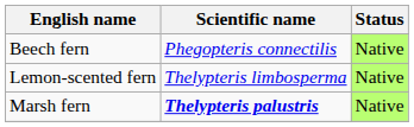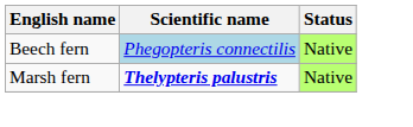 <table class="wikitable" |>
 <tr>
 <th>English name</th>
 <th>Scientific name</th>
 <th>Status</th>
 </tr>
 <tr>
 <td>Beech fern</td>
-<td><em><a href='#'>Phegopteris connectilis</a></em></td>
-<td style="background: #B9FF72; text-align: ">Native</td>
-</tr>
-<tr>
-<td>Lemon-scented fern</td>
-<td><em><a href='#'>Thelypteris limbosperma</a></em></td>
+<td style="background: lightblue;"><em><a href='#'>Phegopteris connectilis</a></em></td>
 <td style="background: #B9FF72; text-align: ">Native</td>
 </tr>
 <tr>
 <td>Marsh fern</td>
 <td><strong><em><a href='#'>Thelypteris palustris</a></em></strong></td>
 <td style="background: #B9FF72; text-align: ">Native</td>
 </tr>
 <tr>
 </tr>
 </table>
